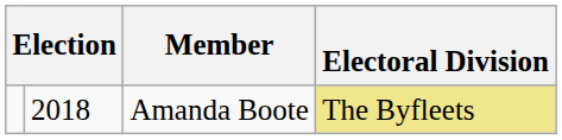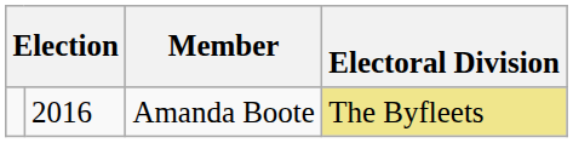 <table class="wikitable">
 <tr>
 <th colspan="2">Election</th>
 <th>Member</th>
 <th><br>Electoral Division</th>
 </tr>
 <tr>
 <td style="background-color: "></td>
-<td>2018</td>
+<td>2016</td>
 <td>Amanda Boote</td>
 <td style="background: khaki;">The Byfleets</td>
 </tr>
 </table>
